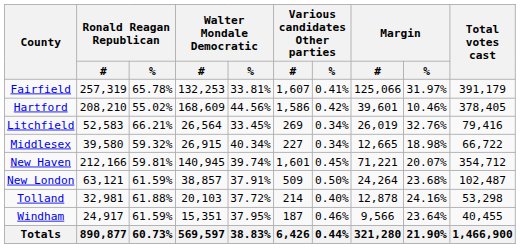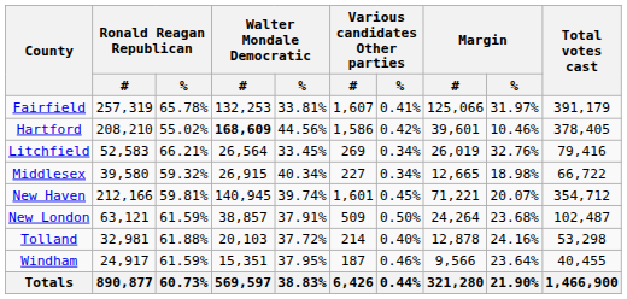 <table width="60%"  class="wikitable sortable" style="text-align:center">
 <tr>
 <th style="text-align:center;" rowspan="2">County</th>
 <th style="text-align:center;" colspan="2">Ronald Reagan<br>Republican</th>
 <th style="text-align:center;" colspan="2">Walter Mondale<br>Democratic</th>
 <th style="text-align:center;" colspan="2">Various candidates<br>Other parties</th>
 <th style="text-align:center;" colspan="2">Margin</th>
 <th style="text-align:center;" rowspan="2">Total votes cast</th>
 </tr>
 <tr>
 <th style="text-align:center;" data-sort-type="number">#</th>
 <th style="text-align:center;" data-sort-type="number">%</th>
 <th style="text-align:center;" data-sort-type="number">#</th>
 <th style="text-align:center;" data-sort-type="number">%</th>
 <th style="text-align:center;" data-sort-type="number">#</th>
 <th style="text-align:center;" data-sort-type="number">%</th>
 <th style="text-align:center;" data-sort-type="number">#</th>
 <th style="text-align:center;" data-sort-type="number">%</th>
 </tr>
 <tr style="text-align:center;">
 <td><a href='#'>Fairfield</a></td>
 <td>257,319</td>
 <td>65.78%</td>
 <td>132,253</td>
 <td>33.81%</td>
 <td>1,607</td>
 <td>0.41%</td>
 <td>125,066</td>
 <td>31.97%</td>
 <td>391,179</td>
 </tr>
 <tr style="text-align:center;">
 <td><a href='#'>Hartford</a></td>
 <td>208,210</td>
 <td>55.02%</td>
-<td>168,609</td>
+<td><strong>168,609</strong></td>
 <td>44.56%</td>
 <td>1,586</td>
 <td>0.42%</td>
 <td>39,601</td>
 <td>10.46%</td>
 <td>378,405</td>
 </tr>
 <tr style="text-align:center;">
 <td><a href='#'>Litchfield</a></td>
 <td>52,583</td>
 <td>66.21%</td>
 <td>26,564</td>
 <td>33.45%</td>
 <td>269</td>
 <td>0.34%</td>
 <td>26,019</td>
 <td>32.76%</td>
 <td>79,416</td>
 </tr>
 <tr style="text-align:center;">
 <td><a href='#'>Middlesex</a></td>
 <td>39,580</td>
 <td>59.32%</td>
 <td>26,915</td>
 <td>40.34%</td>
 <td>227</td>
 <td>0.34%</td>
 <td>12,665</td>
 <td>18.98%</td>
 <td>66,722</td>
 </tr>
 <tr style="text-align:center;">
 <td><a href='#'>New Haven</a></td>
 <td>212,166</td>
 <td>59.81%</td>
 <td>140,945</td>
 <td>39.74%</td>
 <td>1,601</td>
 <td>0.45%</td>
 <td>71,221</td>
 <td>20.07%</td>
 <td>354,712</td>
 </tr>
 <tr style="text-align:center;">
 <td><a href='#'>New London</a></td>
 <td>63,121</td>
 <td>61.59%</td>
 <td>38,857</td>
 <td>37.91%</td>
 <td>509</td>
 <td>0.50%</td>
 <td>24,264</td>
 <td>23.68%</td>
 <td>102,487</td>
 </tr>
 <tr style="text-align:center;">
 <td><a href='#'>Tolland</a></td>
 <td>32,981</td>
 <td>61.88%</td>
 <td>20,103</td>
 <td>37.72%</td>
 <td>214</td>
 <td>0.40%</td>
 <td>12,878</td>
 <td>24.16%</td>
 <td>53,298</td>
 </tr>
 <tr style="text-align:center;">
 <td><a href='#'>Windham</a></td>
 <td>24,917</td>
 <td>61.59%</td>
 <td>15,351</td>
 <td>37.95%</td>
 <td>187</td>
 <td>0.46%</td>
 <td>9,566</td>
 <td>23.64%</td>
 <td>40,455</td>
 </tr>
 <tr>
 <th>Totals</th>
 <th>890,877</th>
 <th>60.73%</th>
 <th>569,597</th>
 <th>38.83%</th>
 <th>6,426</th>
 <th>0.44%</th>
 <th>321,280</th>
 <th>21.90%</th>
 <th>1,466,900</th>
 </tr>
 </table>
